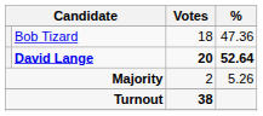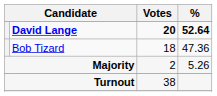 <table class="wikitable" style="font-size: 95%;">
 <tr style="background-color:#E9E9E9">
 <th colspan="2" style="width: 170px">Candidate</th>
 <th style="width: 50px">Votes</th>
 <th style="width: 40px">%</th>
 </tr>
 <tr>
 </tr>
 <tr>
 <th style="background-color: "></th>
+<td style="width: 170px"><strong><a href='#'>David Lange</a></strong></td>
+<td align="right"><strong>20</strong></td>
+<td align="right"><strong>52.64</strong></td>
+</tr>
+<tr>
+<th style="background-color: "></th>
 <td style="width: 170px"><a href='#'>Bob Tizard</a></td>
 <td align="right">18</td>
 <td align="right">47.36</td>
-</tr>
-<tr>
-<th style="background-color: "></th>
-<td style="width: 170px"><strong><a href='#'>David Lange</a></strong></td>
-<td align="right"><strong>20</strong></td>
-<td align="right"><strong>52.64</strong></td>
 </tr>
 <tr style="background-color:#F6F6F6">
 <td colspan="2" align="right"><strong>Majority</strong></td>
 <td align="right">2</td>
 <td align="right">5.26</td>
 </tr>
 <tr>
 </tr>
 <tr style="background-color:#F6F6F6">
 <td colspan="2" align="right"><strong>Turnout</strong></td>
-<td align="right"><strong>38</strong></td>
+<td align="right">38</td>
 <td></td>
 </tr>
 <tr>
 </tr>
 <tr style="background-color:#F6F6F6">
 </tr>
 </table>
